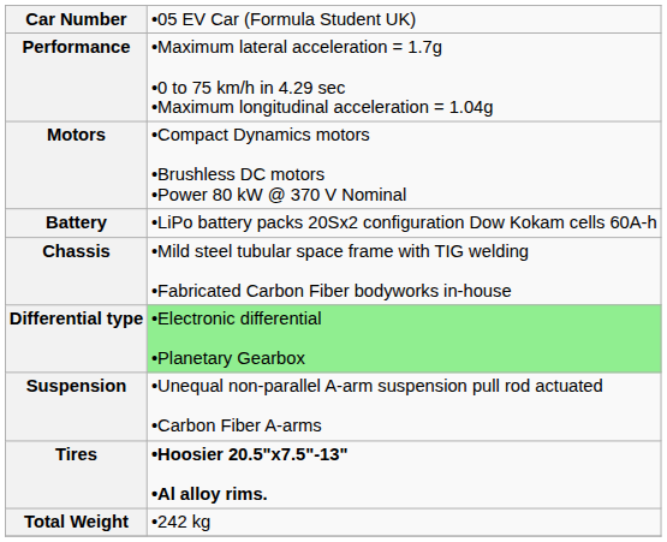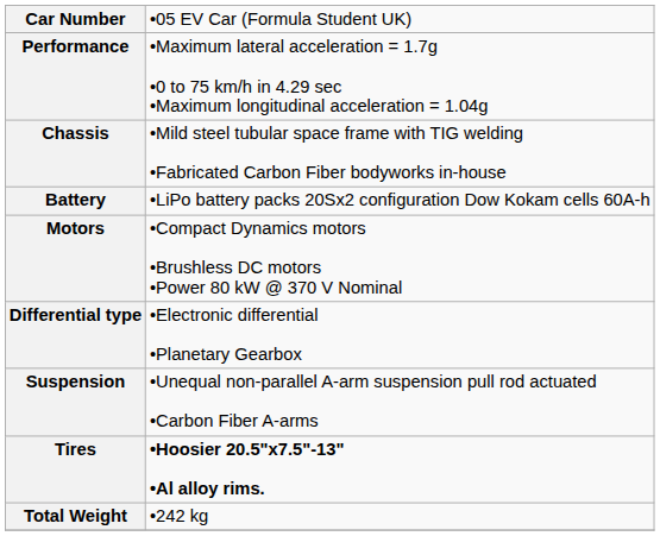 <table class="wikitable">
 <tr style="vertical-align: top">
 <th>Car Number</th>
 <td>•05 EV Car (Formula Student UK)</td>
 </tr>
 <tr style="vertical-align: top">
 <th>Performance</th>
 <td>•Maximum lateral acceleration = 1.7g <br><br>•0 to 75 km/h in 4.29 sec <br> •Maximum longitudinal acceleration = 1.04g <br></td>
 </tr>
 <tr style="vertical-align: top">
-<th>Motors</th>
-<td>•Compact Dynamics motors<br><br>•Brushless DC motors <br> •Power 80 kW @ 370 V Nominal</td>
+<th>Chassis</th>
+<td>•Mild steel tubular space frame with TIG welding <br><br>•Fabricated Carbon Fiber bodyworks in-house</td>
 </tr>
 <tr style="vertical-align: top">
 <th>Battery</th>
 <td>•LiPo battery packs 20Sx2 configuration Dow Kokam cells 60A-h<br></td>
 </tr>
 <tr style="vertical-align: top">
-<th>Chassis</th>
-<td>•Mild steel tubular space frame with TIG welding <br><br>•Fabricated Carbon Fiber bodyworks in-house</td>
+<th>Motors</th>
+<td>•Compact Dynamics motors<br><br>•Brushless DC motors <br> •Power 80 kW @ 370 V Nominal</td>
 </tr>
 <tr style="vertical-align: top">
 <th>Differential type</th>
-<td style="background: lightgreen;">•Electronic differential<br><br>•Planetary Gearbox</td>
+<td>•Electronic differential<br><br>•Planetary Gearbox</td>
 </tr>
 <tr style="vertical-align: top">
 <th>Suspension</th>
 <td>•Unequal non-parallel A-arm suspension pull rod actuated<br><br>•Carbon Fiber A-arms</td>
 </tr>
 <tr style="vertical-align: top">
 <th>Tires</th>
 <td><strong>•Hoosier 20.5"x7.5"-13"<br><br>•Al alloy rims.</strong></td>
 </tr>
 <tr style="vertical-align: top">
 <th>Total Weight</th>
 <td>•242 kg</td>
 </tr>
 <tr style="vertical-align: top">
 </tr>
 </table>
